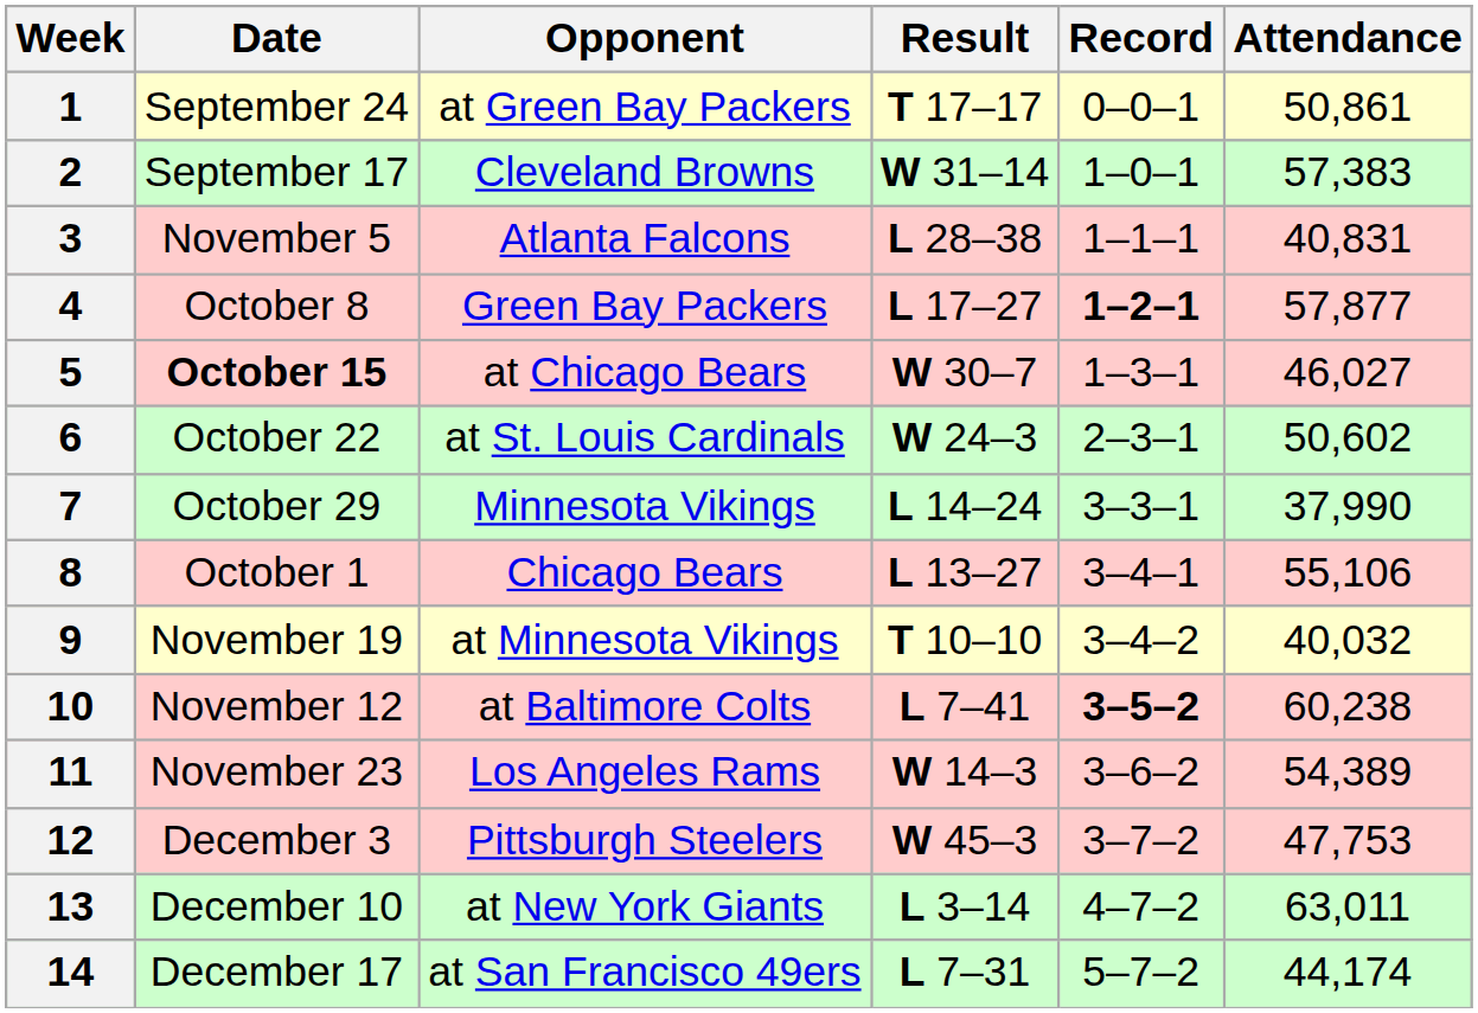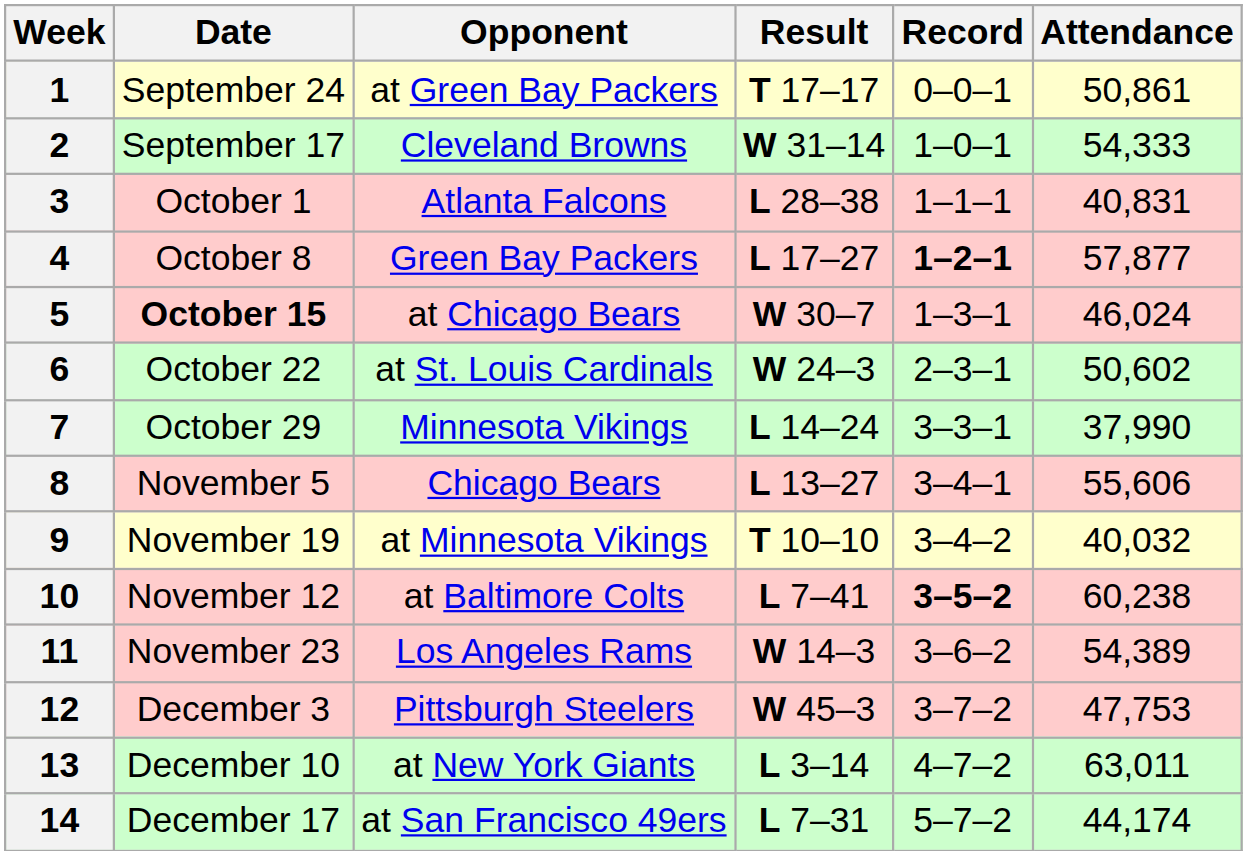 <table class="wikitable" style="text-align:center">
 <tr>
 <th>Week</th>
 <th>Date</th>
 <th>Opponent</th>
 <th>Result</th>
 <th>Record</th>
 <th>Attendance</th>
 </tr>
 <tr style="background:#ffc">
 <th>1</th>
 <td>September 24</td>
 <td>at <a href='#'>Green Bay Packers</a></td>
 <td><strong>T</strong> 17–17</td>
 <td>0–0–1</td>
 <td>50,861</td>
 </tr>
 <tr style="background:#cfc">
 <th>2</th>
 <td>September 17</td>
 <td><a href='#'>Cleveland Browns</a></td>
 <td><strong>W</strong> 31–14</td>
 <td>1–0–1</td>
-<td>57,383</td>
+<td>54,333</td>
 </tr>
 <tr style="background:#fcc">
 <th>3</th>
-<td>November 5</td>
+<td>October 1</td>
 <td><a href='#'>Atlanta Falcons</a></td>
 <td><strong>L</strong> 28–38</td>
 <td>1–1–1</td>
 <td>40,831</td>
 </tr>
 <tr style="background:#fcc">
 <th>4</th>
 <td>October 8</td>
 <td><a href='#'>Green Bay Packers</a></td>
 <td><strong>L</strong> 17–27</td>
 <td><strong>1–2–1</strong></td>
 <td>57,877</td>
 </tr>
 <tr style="background:#fcc">
 <th>5</th>
 <td><strong>October 15</strong></td>
 <td>at <a href='#'>Chicago Bears</a></td>
 <td><strong>W</strong> 30–7</td>
 <td>1–3–1</td>
-<td>46,027</td>
+<td>46,024</td>
 </tr>
 <tr style="background:#cfc">
 <th>6</th>
 <td>October 22</td>
 <td>at <a href='#'>St. Louis Cardinals</a></td>
 <td><strong>W</strong> 24–3</td>
 <td>2–3–1</td>
 <td>50,602</td>
 </tr>
 <tr style="background:#cfc">
 <th>7</th>
 <td>October 29</td>
 <td><a href='#'>Minnesota Vikings</a></td>
 <td><strong>L</strong> 14–24</td>
 <td>3–3–1</td>
 <td>37,990</td>
 </tr>
 <tr style="background:#fcc">
 <th>8</th>
-<td>October 1</td>
+<td>November 5</td>
 <td><a href='#'>Chicago Bears</a></td>
 <td><strong>L</strong> 13–27</td>
 <td>3–4–1</td>
-<td>55,106</td>
+<td>55,606</td>
 </tr>
 <tr style="background:#ffc">
 <th>9</th>
 <td>November 19</td>
 <td>at <a href='#'>Minnesota Vikings</a></td>
 <td><strong>T</strong> 10–10</td>
 <td>3–4–2</td>
 <td>40,032</td>
 </tr>
 <tr style="background:#fcc">
 <th>10</th>
 <td>November 12</td>
 <td>at <a href='#'>Baltimore Colts</a></td>
 <td><strong>L</strong> 7–41</td>
 <td><strong>3–5–2</strong></td>
 <td>60,238</td>
 </tr>
 <tr style="background:#fcc">
 <th>11</th>
 <td>November 23</td>
 <td><a href='#'>Los Angeles Rams</a></td>
 <td><strong>W</strong> 14–3</td>
 <td>3–6–2</td>
 <td>54,389</td>
 </tr>
 <tr style="background:#fcc">
 <th>12</th>
 <td>December 3</td>
 <td><a href='#'>Pittsburgh Steelers</a></td>
 <td><strong>W</strong> 45–3</td>
 <td>3–7–2</td>
 <td>47,753</td>
 </tr>
 <tr style="background:#cfc">
 <th>13</th>
 <td>December 10</td>
 <td>at <a href='#'>New York Giants</a></td>
 <td><strong>L</strong> 3–14</td>
 <td>4–7–2</td>
 <td>63,011</td>
 </tr>
 <tr style="background:#cfc">
 <th>14</th>
 <td>December 17</td>
 <td>at <a href='#'>San Francisco 49ers</a></td>
 <td><strong>L</strong> 7–31</td>
 <td>5–7–2</td>
 <td>44,174</td>
 </tr>
 </table>
